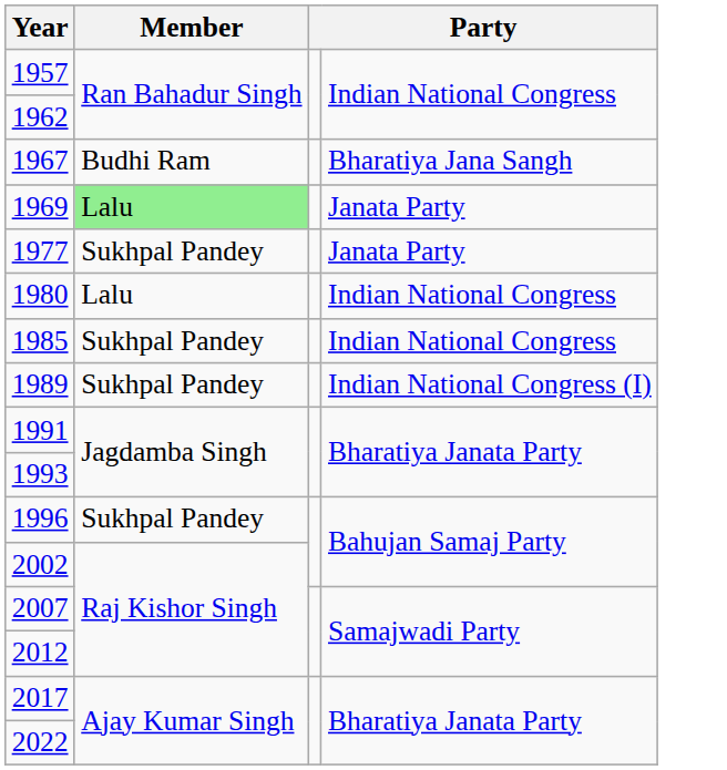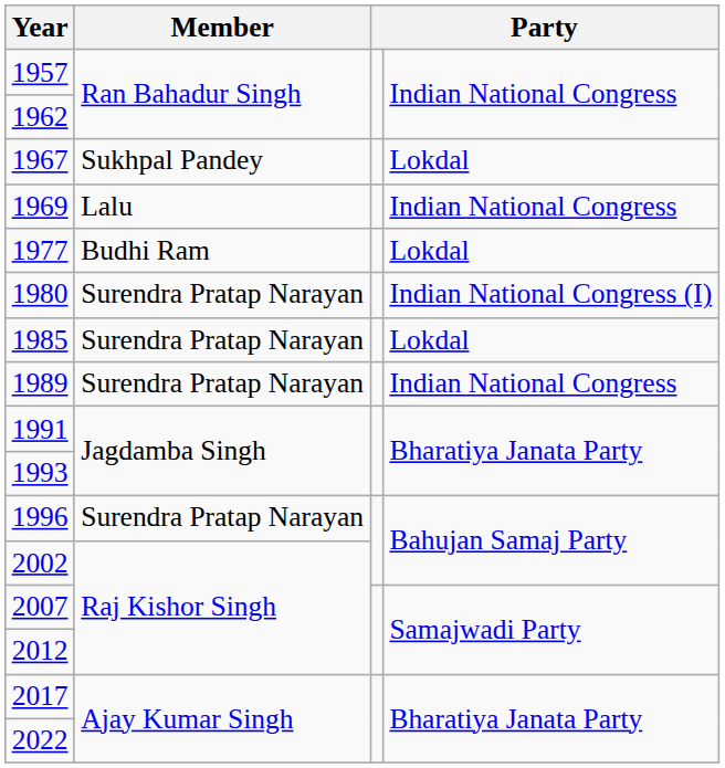 <table class="wikitable">
 <tr>
 <th>Year</th>
 <th>Member</th>
 <th colspan="2">Party</th>
 </tr>
 <tr>
 <td><a href='#'>1957</a></td>
 <td rowspan="2"><a href='#'>Ran Bahadur Singh</a></td>
 <td rowspan="2" style="background-color: "></td>
 <td rowspan="2"><a href='#'>Indian National Congress</a></td>
 </tr>
 <tr>
 <td><a href='#'>1962</a></td>
 </tr>
 <tr>
 <td><a href='#'>1967</a></td>
-<td>Budhi Ram</td>
+<td>Sukhpal Pandey</td>
 <td style="background-color: "></td>
-<td><a href='#'>Bharatiya Jana Sangh</a></td>
+<td><a href='#'>Lokdal</a></td>
 </tr>
 <tr>
 <td><a href='#'>1969</a></td>
-<td style="background: lightgreen;">Lalu</td>
-<td style="background-color: "></td>
-<td><a href='#'>Janata Party</a></td>
-</tr>
-<tr>
-<td><a href='#'>1977</a></td>
-<td>Sukhpal Pandey</td>
-<td style="background-color: "></td>
-<td><a href='#'>Janata Party</a></td>
-</tr>
-<tr>
-<td><a href='#'>1980</a></td>
 <td>Lalu</td>
 <td style="background-color: "></td>
 <td><a href='#'>Indian National Congress</a></td>
 </tr>
 <tr>
+<td><a href='#'>1977</a></td>
+<td>Budhi Ram</td>
+<td style="background-color: "></td>
+<td><a href='#'>Lokdal</a></td>
+</tr>
+<tr>
+<td><a href='#'>1980</a></td>
+<td>Surendra Pratap Narayan</td>
+<td style="background-color: "></td>
+<td><a href='#'>Indian National Congress (I)</a></td>
+</tr>
+<tr>
 <td><a href='#'>1985</a></td>
-<td>Sukhpal Pandey</td>
+<td>Surendra Pratap Narayan</td>
 <td style="background-color: "></td>
-<td><a href='#'>Indian National Congress</a></td>
+<td><a href='#'>Lokdal</a></td>
 </tr>
 <tr>
 <td><a href='#'>1989</a></td>
-<td>Sukhpal Pandey</td>
+<td>Surendra Pratap Narayan</td>
 <td style="background-color: "></td>
-<td><a href='#'>Indian National Congress (I)</a></td>
+<td><a href='#'>Indian National Congress</a></td>
 </tr>
 <tr>
 <td><a href='#'>1991</a></td>
 <td rowspan="2">Jagdamba Singh</td>
 <td rowspan="2" style="background-color: "></td>
 <td rowspan="2"><a href='#'>Bharatiya Janata Party</a></td>
 </tr>
 <tr>
 <td><a href='#'>1993</a></td>
 </tr>
 <tr>
 <td><a href='#'>1996</a></td>
-<td>Sukhpal Pandey</td>
+<td>Surendra Pratap Narayan</td>
 <td rowspan="2" style="background-color: "></td>
 <td rowspan="2"><a href='#'>Bahujan Samaj Party</a></td>
 </tr>
 <tr>
 <td><a href='#'>2002</a></td>
 <td rowspan="3"><a href='#'>Raj Kishor Singh</a></td>
 </tr>
 <tr>
 <td><a href='#'>2007</a></td>
 <td rowspan="2" style="background-color: "></td>
 <td rowspan="2"><a href='#'>Samajwadi Party</a></td>
 </tr>
 <tr>
 <td><a href='#'>2012</a></td>
 </tr>
 <tr>
 <td><a href='#'>2017</a></td>
 <td rowspan="2"><a href='#'>Ajay Kumar Singh</a></td>
 <td rowspan="2" style="background-color: "></td>
 <td rowspan="2"><a href='#'>Bharatiya Janata Party</a></td>
 </tr>
 <tr>
 <td><a href='#'>2022</a></td>
 </tr>
 </table>
